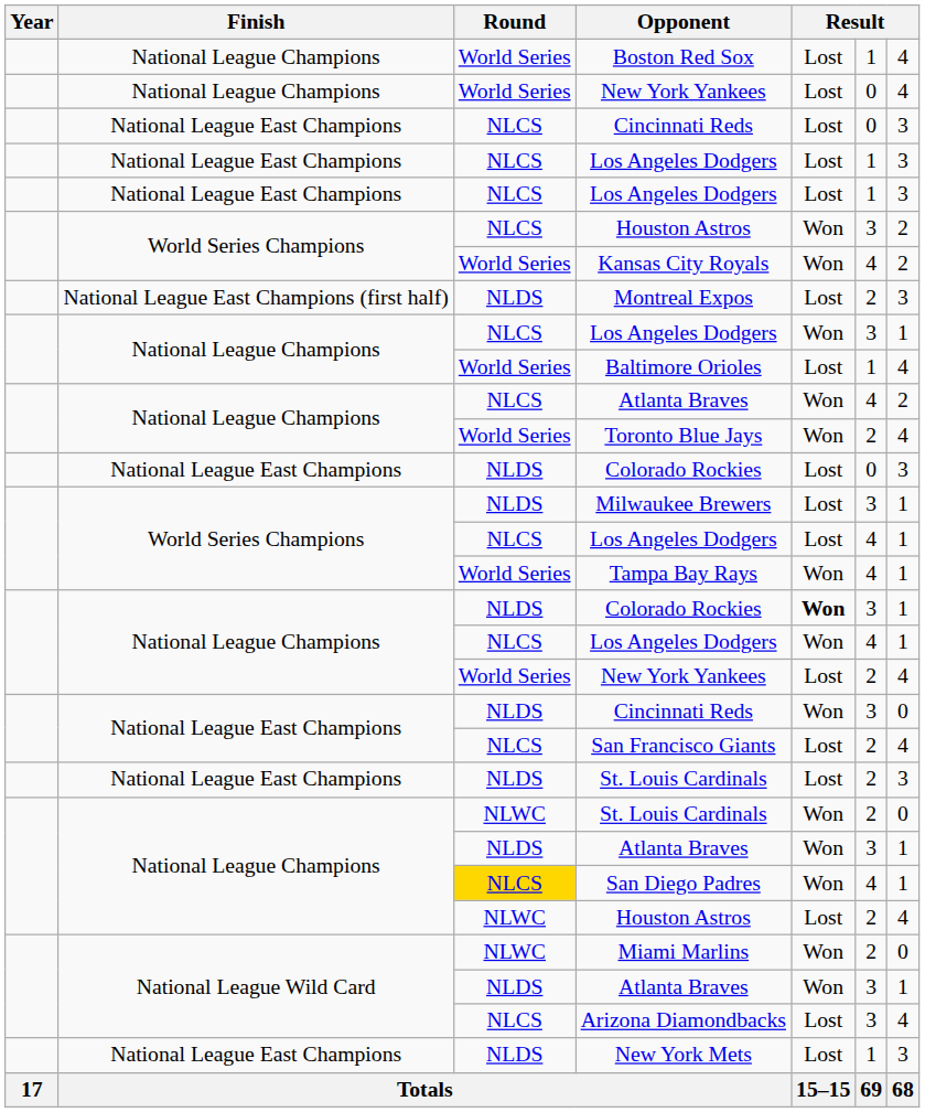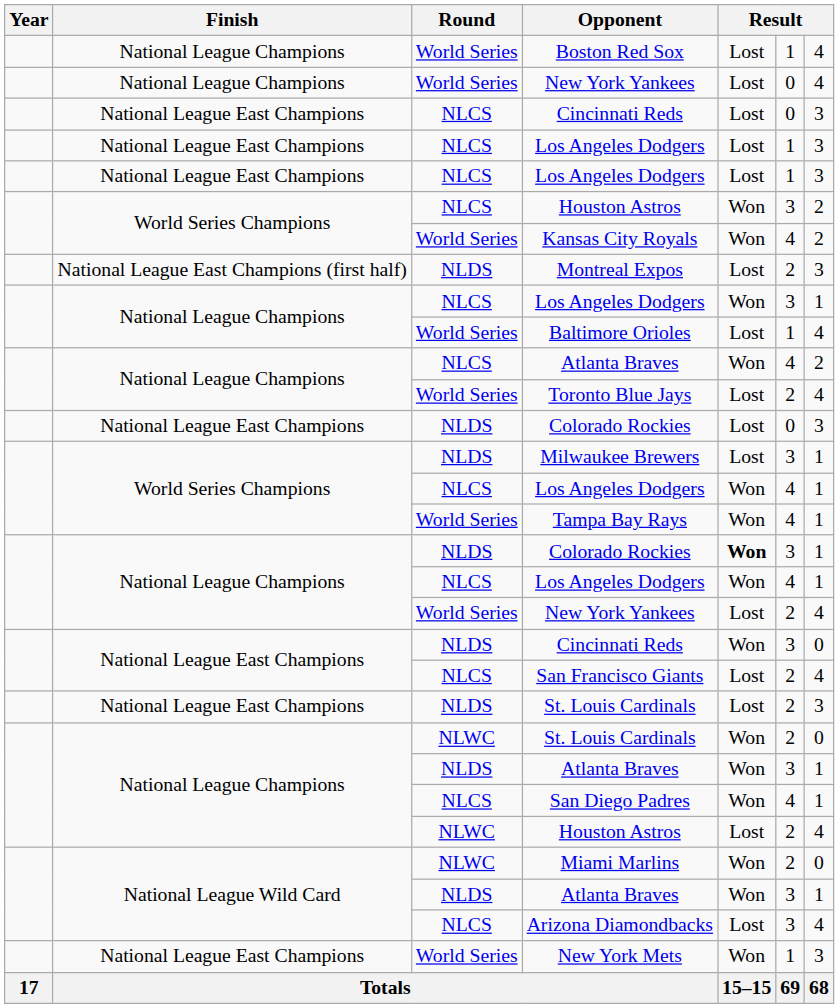 <table class="wikitable">
 <tr>
 <th colspan=1>Year</th>
 <th colspan=1>Finish</th>
 <th colspan=1>Round</th>
 <th colspan=1>Opponent</th>
 <th colspan=3>Result</th>
 </tr>
 <tr>
 <td align="center"></td>
 <td align="center">National League Champions</td>
 <td align="center"><a href='#'>World Series</a></td>
 <td align="center"><a href='#'>Boston Red Sox</a></td>
 <td align="center">Lost</td>
 <td align="center">1</td>
 <td align="center">4</td>
 </tr>
 <tr>
 <td align="center"></td>
 <td align="center">National League Champions</td>
 <td align="center"><a href='#'>World Series</a></td>
 <td align="center"><a href='#'>New York Yankees</a></td>
 <td align="center">Lost</td>
 <td align="center">0</td>
 <td align="center">4</td>
 </tr>
 <tr>
 <td align="center"></td>
 <td align="center">National League East Champions</td>
 <td align="center"><a href='#'>NLCS</a></td>
 <td align="center"><a href='#'>Cincinnati Reds</a></td>
 <td align="center">Lost</td>
 <td align="center">0</td>
 <td align="center">3</td>
 </tr>
 <tr>
 <td align="center"></td>
 <td align="center">National League East Champions</td>
 <td align="center"><a href='#'>NLCS</a></td>
 <td align="center"><a href='#'>Los Angeles Dodgers</a></td>
 <td align="center">Lost</td>
 <td align="center">1</td>
 <td align="center">3</td>
 </tr>
 <tr>
 <td align="center"></td>
 <td align="center">National League East Champions</td>
 <td align="center"><a href='#'>NLCS</a></td>
 <td align="center"><a href='#'>Los Angeles Dodgers</a></td>
 <td align="center">Lost</td>
 <td align="center">1</td>
 <td align="center">3</td>
 </tr>
 <tr>
 <td align="center" rowspan="2"></td>
 <td align="center" rowspan="2">World Series Champions</td>
 <td align="center"><a href='#'>NLCS</a></td>
 <td align="center"><a href='#'>Houston Astros</a></td>
 <td align="center">Won</td>
 <td align="center">3</td>
 <td align="center">2</td>
 </tr>
 <tr>
 <td align="center"><a href='#'>World Series</a></td>
 <td align="center"><a href='#'>Kansas City Royals</a></td>
 <td align="center">Won</td>
 <td align="center">4</td>
 <td align="center">2</td>
 </tr>
 <tr>
 <td align="center"></td>
 <td align="center">National League East Champions (first half)</td>
 <td align="center"><a href='#'>NLDS</a></td>
 <td align="center"><a href='#'>Montreal Expos</a></td>
 <td align="center">Lost</td>
 <td align="center">2</td>
 <td align="center">3</td>
 </tr>
 <tr>
 <td align="center" rowspan="2"></td>
 <td align="center" rowspan="2">National League Champions</td>
 <td align="center"><a href='#'>NLCS</a></td>
 <td align="center"><a href='#'>Los Angeles Dodgers</a></td>
 <td align="center">Won</td>
 <td align="center">3</td>
 <td align="center">1</td>
 </tr>
 <tr>
 <td align="center"><a href='#'>World Series</a></td>
 <td align="center"><a href='#'>Baltimore Orioles</a></td>
 <td align="center">Lost</td>
 <td align="center">1</td>
 <td align="center">4</td>
 </tr>
 <tr>
 <td align="center" rowspan="2"></td>
 <td align="center" rowspan="2">National League Champions</td>
 <td align="center"><a href='#'>NLCS</a></td>
 <td align="center"><a href='#'>Atlanta Braves</a></td>
 <td align="center">Won</td>
 <td align="center">4</td>
 <td align="center">2</td>
 </tr>
 <tr>
 <td align="center"><a href='#'>World Series</a></td>
 <td align="center"><a href='#'>Toronto Blue Jays</a></td>
-<td align="center">Won</td>
+<td align="center">Lost</td>
 <td align="center">2</td>
 <td align="center">4</td>
 </tr>
 <tr>
 <td align="center"></td>
 <td align="center">National League East Champions</td>
 <td align="center"><a href='#'>NLDS</a></td>
 <td align="center"><a href='#'>Colorado Rockies</a></td>
 <td align="center">Lost</td>
 <td align="center">0</td>
 <td align="center">3</td>
 </tr>
 <tr>
 <td align="center" rowspan="3"></td>
 <td align="center" rowspan="3">World Series Champions</td>
 <td align="center"><a href='#'>NLDS</a></td>
 <td align="center"><a href='#'>Milwaukee Brewers</a></td>
 <td align="center">Lost</td>
 <td align="center">3</td>
 <td align="center">1</td>
 </tr>
 <tr>
 <td align="center"><a href='#'>NLCS</a></td>
 <td align="center"><a href='#'>Los Angeles Dodgers</a></td>
-<td align="center">Lost</td>
+<td align="center">Won</td>
 <td align="center">4</td>
 <td align="center">1</td>
 </tr>
 <tr>
 <td align="center"><a href='#'>World Series</a></td>
 <td align="center"><a href='#'>Tampa Bay Rays</a></td>
 <td align="center">Won</td>
 <td align="center">4</td>
 <td align="center">1</td>
 </tr>
 <tr>
 <td align="center" rowspan="3"></td>
 <td align="center" rowspan="3">National League Champions</td>
 <td align="center"><a href='#'>NLDS</a></td>
 <td align="center"><a href='#'>Colorado Rockies</a></td>
 <td align="center"><strong>Won</strong></td>
 <td align="center">3</td>
 <td align="center">1</td>
 </tr>
 <tr>
 <td align="center"><a href='#'>NLCS</a></td>
 <td align="center"><a href='#'>Los Angeles Dodgers</a></td>
 <td align="center">Won</td>
 <td align="center">4</td>
 <td align="center">1</td>
 </tr>
 <tr>
 <td align="center"><a href='#'>World Series</a></td>
 <td align="center"><a href='#'>New York Yankees</a></td>
 <td align="center">Lost</td>
 <td align="center">2</td>
 <td align="center">4</td>
 </tr>
 <tr>
 <td align="center" rowspan="2"></td>
 <td align="center" rowspan="2">National League East Champions</td>
 <td align="center"><a href='#'>NLDS</a></td>
 <td align="center"><a href='#'>Cincinnati Reds</a></td>
 <td align="center">Won</td>
 <td align="center">3</td>
 <td align="center">0</td>
 </tr>
 <tr>
 <td align="center"><a href='#'>NLCS</a></td>
 <td align="center"><a href='#'>San Francisco Giants</a></td>
 <td align="center">Lost</td>
 <td align="center">2</td>
 <td align="center">4</td>
 </tr>
 <tr>
 <td align="center"></td>
 <td align="center">National League East Champions</td>
 <td align="center"><a href='#'>NLDS</a></td>
 <td align="center"><a href='#'>St. Louis Cardinals</a></td>
 <td align="center">Lost</td>
 <td align="center">2</td>
 <td align="center">3</td>
 </tr>
 <tr>
 <td rowspan="4" align="center"></td>
 <td rowspan="4" align="center">National League Champions</td>
 <td align="center"><a href='#'>NLWC</a></td>
 <td align="center"><a href='#'>St. Louis Cardinals</a></td>
 <td align="center">Won</td>
 <td align="center">2</td>
 <td align="center">0</td>
 </tr>
 <tr>
 <td align="center"><a href='#'>NLDS</a></td>
 <td align="center"><a href='#'>Atlanta Braves</a></td>
 <td align="center">Won</td>
 <td align="center">3</td>
 <td align="center">1</td>
 </tr>
 <tr>
-<td align="center" style="background: gold;"><a href='#'>NLCS</a></td>
+<td align="center"><a href='#'>NLCS</a></td>
 <td align="center"><a href='#'>San Diego Padres</a></td>
 <td align="center">Won</td>
 <td align="center">4</td>
 <td align="center">1</td>
 </tr>
 <tr>
 <td align="center"><a href='#'>NLWC</a></td>
 <td align="center"><a href='#'>Houston Astros</a></td>
 <td align="center">Lost</td>
 <td align="center">2</td>
 <td align="center">4</td>
 </tr>
 <tr>
 <td rowspan="3" align="center"></td>
 <td rowspan="3" align="center">National League Wild Card</td>
 <td align="center"><a href='#'>NLWC</a></td>
 <td align="center"><a href='#'>Miami Marlins</a></td>
 <td align="center">Won</td>
 <td align="center">2</td>
 <td align="center">0</td>
 </tr>
 <tr>
 <td align="center"><a href='#'>NLDS</a></td>
 <td align="center"><a href='#'>Atlanta Braves</a></td>
 <td align="center">Won</td>
 <td align="center">3</td>
 <td align="center">1</td>
 </tr>
 <tr>
 <td align="center"><a href='#'>NLCS</a></td>
 <td align="center"><a href='#'>Arizona Diamondbacks</a></td>
 <td align="center">Lost</td>
 <td align="center">3</td>
 <td align="center">4</td>
 </tr>
 <tr>
 <td align="center"></td>
 <td align="center">National League East Champions</td>
-<td align="center"><a href='#'>NLDS</a></td>
+<td align="center"><a href='#'>World Series</a></td>
 <td align="center"><a href='#'>New York Mets</a></td>
-<td align="center">Lost</td>
+<td align="center">Won</td>
 <td align="center">1</td>
 <td align="center">3</td>
 </tr>
 <tr>
 <th align="center">17</th>
 <th colspan="3">Totals</th>
 <th>15–15</th>
 <th>69</th>
 <th>68</th>
 </tr>
 </table>
